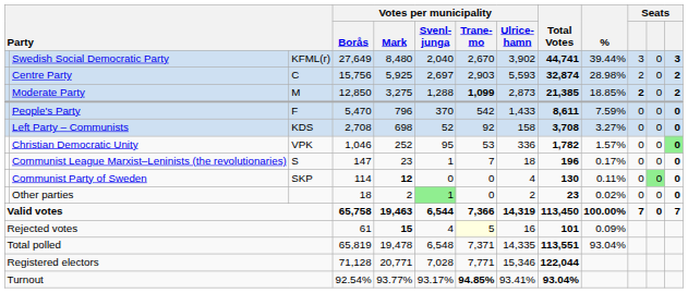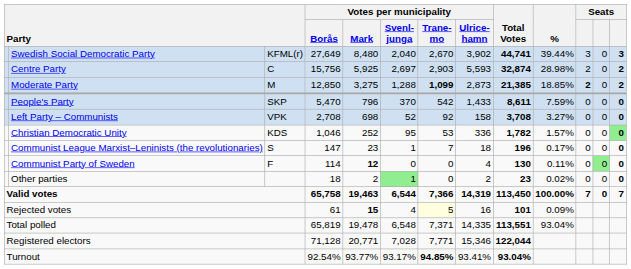 <table class="wikitable" border="1" style="text-align:right;">
 <tr>
 <th style="text-align:left;" valign=bottom rowspan=2 colspan=3>Party</th>
 <th colspan=5>Votes per municipality</th>
 <th align=center valign=bottom rowspan=2 width="50">Total Votes</th>
 <th align=center valign=bottom rowspan=2 width="50">%</th>
 <th colspan=3>Seats</th>
 </tr>
 <tr>
 <th align=center valign=bottom width="50"><a href='#'>Borås</a></th>
 <th align=center valign=bottom width="50"><a href='#'>Mark</a></th>
 <th align=center valign=bottom width="50"><a href='#'>Svenl- junga</a></th>
 <th align=center valign=bottom width="50"><a href='#'>Trane- mo</a></th>
 <th align=center valign=bottom width="50"><a href='#'>Ulrice- hamn</a></th>
 <th align=center valign=bottom width="20"><small></small></th>
 <th align=center valign=bottom width="20"><small><a href='#'></a></small></th>
 <th align=center valign=bottom width="20"><small></small></th>
 </tr>
 <tr style="background:#CEE0F2;">
 <td></td>
 <td align=left style="white-space: nowrap;"><a href='#'>Swedish Social Democratic Party</a></td>
 <td align=left>KFML(r)</td>
 <td>27,649</td>
 <td>8,480</td>
 <td>2,040</td>
 <td>2,670</td>
 <td>3,902</td>
 <td><strong>44,741</strong></td>
 <td>39.44%</td>
 <td>3</td>
 <td>0</td>
 <td><strong>3</strong></td>
 </tr>
 <tr style="background:#CEE0F2;">
 <td></td>
 <td align=left><a href='#'>Centre Party</a></td>
 <td align=left>C</td>
 <td>15,756</td>
 <td>5,925</td>
 <td>2,697</td>
 <td>2,903</td>
 <td>5,593</td>
 <td><strong>32,874</strong></td>
 <td>28.98%</td>
 <td>2</td>
 <td>0</td>
 <td><strong>2</strong></td>
 </tr>
 <tr style="background:#CEE0F2;">
 <td></td>
 <td align=left><a href='#'>Moderate Party</a></td>
 <td align=left>M</td>
 <td>12,850</td>
 <td>3,275</td>
 <td>1,288</td>
 <td><strong>1,099</strong></td>
 <td>2,873</td>
 <td><strong>21,385</strong></td>
 <td>18.85%</td>
 <td><strong>2</strong></td>
 <td>0</td>
 <td><strong>2</strong></td>
 </tr>
 <tr style="background:#CEE0F2; border-top:3px solid darkgray;">
 <td></td>
 <td align=left><a href='#'>People's Party</a></td>
-<td align=left>F</td>
+<td align=left>SKP</td>
 <td>5,470</td>
 <td>796</td>
 <td>370</td>
 <td>542</td>
 <td>1,433</td>
 <td><strong>8,611</strong></td>
 <td>7.59%</td>
 <td>0</td>
 <td>0</td>
 <td><strong>0</strong></td>
 </tr>
 <tr style="background:#CEE0F2;">
 <td></td>
 <td align=left><a href='#'>Left Party – Communists</a></td>
-<td align=left>KDS</td>
+<td align=left>VPK</td>
 <td>2,708</td>
 <td>698</td>
 <td>52</td>
 <td>92</td>
 <td>158</td>
 <td><strong>3,708</strong></td>
 <td>3.27%</td>
 <td>0</td>
 <td>0</td>
 <td><strong>0</strong></td>
 </tr>
 <tr>
 <td></td>
 <td align=left><a href='#'>Christian Democratic Unity</a></td>
-<td align=left>VPK</td>
+<td align=left>KDS</td>
 <td>1,046</td>
 <td>252</td>
 <td>95</td>
 <td>53</td>
 <td>336</td>
 <td><strong>1,782</strong></td>
 <td>1.57%</td>
 <td>0</td>
 <td>0</td>
 <td style="background: lightgreen;"><strong>0</strong></td>
 </tr>
 <tr>
 <td></td>
 <td align=left><a href='#'>Communist League Marxist–Leninists (the revolutionaries)</a></td>
 <td align=left>S</td>
 <td>147</td>
 <td>23</td>
 <td>1</td>
 <td>7</td>
 <td>18</td>
 <td><strong>196</strong></td>
 <td>0.17%</td>
 <td>0</td>
 <td>0</td>
 <td><strong>0</strong></td>
 </tr>
 <tr>
 <td></td>
 <td align=left><a href='#'>Communist Party of Sweden</a></td>
-<td align=left>SKP</td>
+<td align=left>F</td>
 <td>114</td>
 <td><strong>12</strong></td>
 <td>0</td>
 <td>0</td>
 <td>4</td>
 <td><strong>130</strong></td>
 <td>0.11%</td>
 <td>0</td>
 <td style="background: lightgreen;">0</td>
 <td><strong>0</strong></td>
 </tr>
 <tr>
 <td></td>
 <td align=left>Other parties</td>
 <td></td>
 <td>18</td>
 <td>2</td>
 <td style="background: lightgreen;">1</td>
 <td>0</td>
 <td>2</td>
 <td><strong>23</strong></td>
 <td>0.02%</td>
 <td>0</td>
 <td>0</td>
 <td><strong>0</strong></td>
 </tr>
 <tr style="font-weight:bold">
 <td align=left colspan=3>Valid votes</td>
 <td>65,758</td>
 <td>19,463</td>
 <td>6,544</td>
 <td>7,366</td>
 <td>14,319</td>
 <td>113,450</td>
 <td>100.00%</td>
 <td>7</td>
 <td>0</td>
 <td>7</td>
 </tr>
 <tr>
 <td align=left colspan=3>Rejected votes</td>
 <td>61</td>
 <td><strong>15</strong></td>
 <td>4</td>
 <td style="background: lightyellow;">5</td>
 <td>16</td>
 <td><strong>101</strong></td>
 <td>0.09%</td>
 <td></td>
 <td></td>
 <td></td>
 </tr>
 <tr>
 <td align=left colspan=3>Total polled</td>
 <td>65,819</td>
 <td>19,478</td>
 <td>6,548</td>
 <td>7,371</td>
 <td>14,335</td>
 <td><strong>113,551</strong></td>
 <td>93.04%</td>
 <td></td>
 <td></td>
 <td></td>
 </tr>
 <tr>
 <td align=left colspan=3>Registered electors</td>
 <td>71,128</td>
 <td>20,771</td>
 <td>7,028</td>
 <td>7,771</td>
 <td>15,346</td>
 <td><strong>122,044</strong></td>
 <td></td>
 <td></td>
 <td></td>
 <td></td>
 </tr>
 <tr>
 <td align=left colspan=3>Turnout</td>
 <td>92.54%</td>
 <td>93.77%</td>
 <td>93.17%</td>
 <td><strong>94.85%</strong></td>
 <td>93.41%</td>
 <td><strong>93.04%</strong></td>
 <td></td>
 <td></td>
 <td></td>
 <td></td>
 </tr>
 </table>
